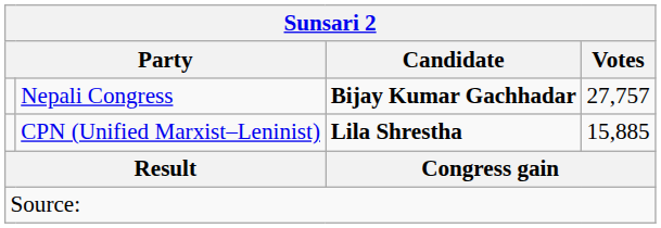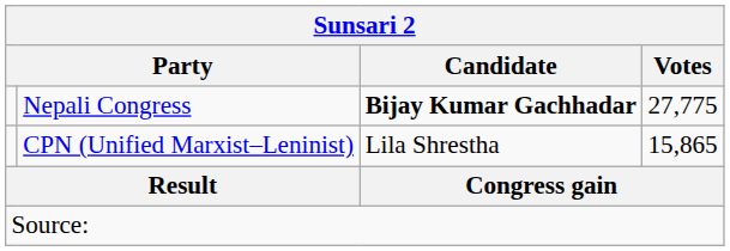 <table class="wikitable">
 <tr>
 <th colspan="4"><a href='#'>Sunsari 2</a></th>
 </tr>
 <tr>
 <th colspan="2">Party</th>
 <th>Candidate</th>
 <th>Votes</th>
 </tr>
 <tr>
 <td style="background-color:"></td>
 <td><a href='#'>Nepali Congress</a></td>
 <td><strong>Bijay Kumar Gachhadar</strong></td>
-<td>27,757</td>
+<td>27,775</td>
 </tr>
 <tr>
 <td style="background-color:"></td>
 <td><a href='#'>CPN (Unified Marxist–Leninist)</a></td>
-<td><strong>Lila Shrestha</strong></td>
-<td>15,885</td>
+<td>Lila Shrestha</td>
+<td>15,865</td>
 </tr>
 <tr>
 <th colspan="2">Result</th>
 <th colspan="2">Congress gain</th>
 </tr>
 <tr>
 <td colspan="4">Source: </td>
 </tr>
 </table>
